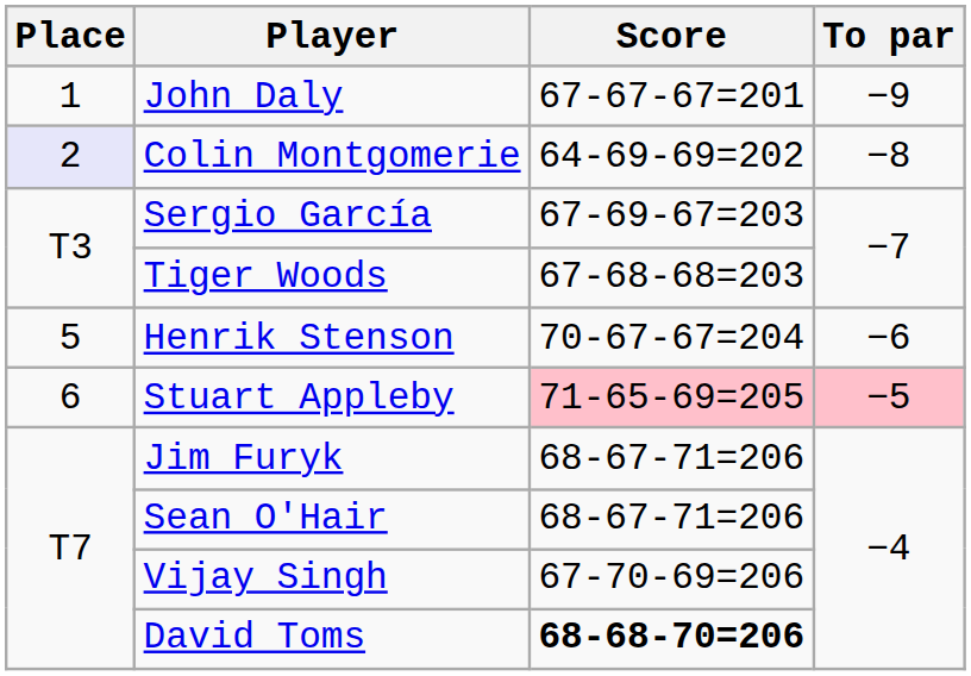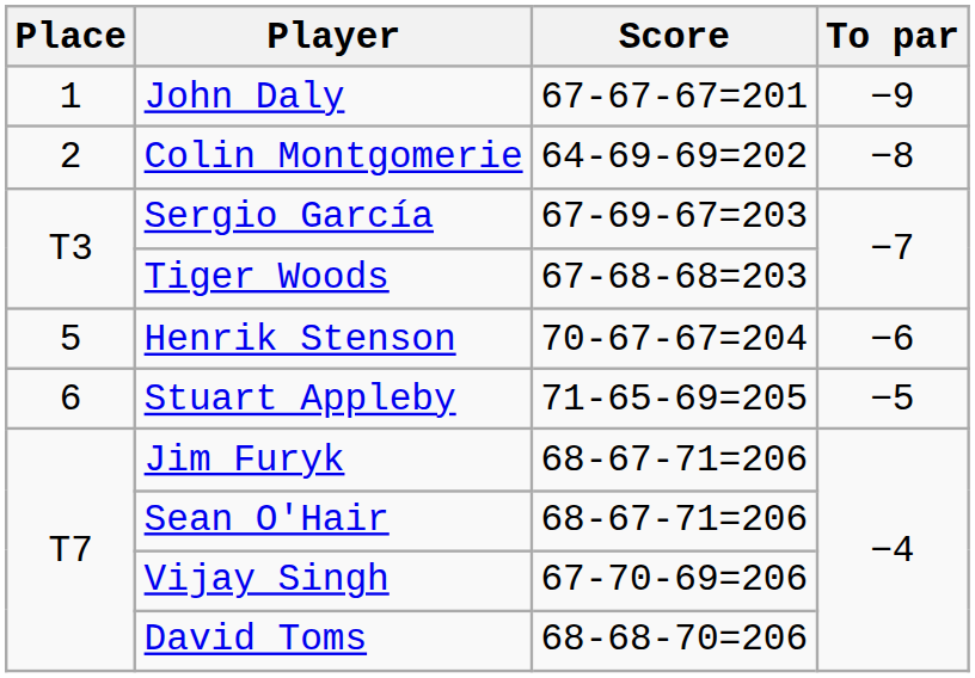 <table class="wikitable">
 <tr>
 <th>Place</th>
 <th>Player</th>
 <th>Score</th>
 <th>To par</th>
 </tr>
 <tr>
 <td align=center>1</td>
 <td> <a href='#'>John Daly</a></td>
 <td align=center>67-67-67=201</td>
 <td align=center>−9</td>
 </tr>
 <tr>
-<td align=center style="background: lavender;">2</td>
+<td align=center>2</td>
 <td> <a href='#'>Colin Montgomerie</a></td>
 <td align=center>64-69-69=202</td>
 <td align=center>−8</td>
 </tr>
 <tr>
 <td rowspan="2" align=center>T3</td>
 <td> <a href='#'>Sergio García</a></td>
 <td align=center>67-69-67=203</td>
 <td rowspan="2" align=center>−7</td>
 </tr>
 <tr>
 <td> <a href='#'>Tiger Woods</a></td>
 <td align=center>67-68-68=203</td>
 </tr>
 <tr>
 <td align=center>5</td>
 <td> <a href='#'>Henrik Stenson</a></td>
 <td align=center>70-67-67=204</td>
 <td align=center>−6</td>
 </tr>
 <tr>
 <td align=center>6</td>
 <td> <a href='#'>Stuart Appleby</a></td>
-<td align=center style="background: pink;">71-65-69=205</td>
-<td align=center style="background: pink;">−5</td>
+<td align=center>71-65-69=205</td>
+<td align=center>−5</td>
 </tr>
 <tr>
 <td rowspan="4" align=center>T7</td>
 <td> <a href='#'>Jim Furyk</a></td>
 <td align=center>68-67-71=206</td>
 <td rowspan="4" align=center>−4</td>
 </tr>
 <tr>
 <td> <a href='#'>Sean O'Hair</a></td>
 <td align=center>68-67-71=206</td>
 </tr>
 <tr>
 <td> <a href='#'>Vijay Singh</a></td>
 <td align=center>67-70-69=206</td>
 </tr>
 <tr>
 <td> <a href='#'>David Toms</a></td>
-<td align=center><strong>68-68-70=206</strong></td>
+<td align=center>68-68-70=206</td>
 </tr>
 </table>
